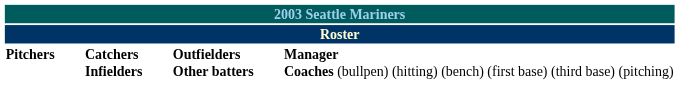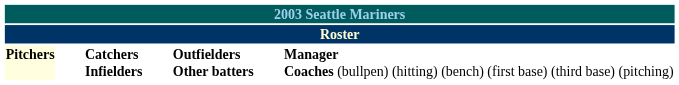 <table class="toccolours" style="font-size: 95%;">
 <tr>
 <th colspan="10" style="background-color: #005c5c; color:#9ECEEE; text-align: center;">2003 Seattle Mariners</th>
 </tr>
 <tr>
 <td colspan="10" style="background-color: #003366; color: #FFFDD0; text-align: center;"><strong>Roster</strong></td>
 </tr>
 <tr>
-<td valign="top"><strong>Pitchers</strong><br>                 </td>
+<td valign="top" style="background: lightyellow;"><strong>Pitchers</strong><br>                 </td>
 <td width="25px"></td>
 <td valign="top"><strong>Catchers</strong><br>   <strong>Infielders</strong>         </td>
 <td width="25px"></td>
 <td valign="top"><strong>Outfielders</strong><br>      <strong>Other batters</strong> </td>
 <td width="25px"></td>
 <td valign="top"><strong>Manager</strong><br> <strong>Coaches</strong>  (bullpen)  (hitting)  (bench)  (first base)  (third base)  (pitching)</td>
 </tr>
 </table>
